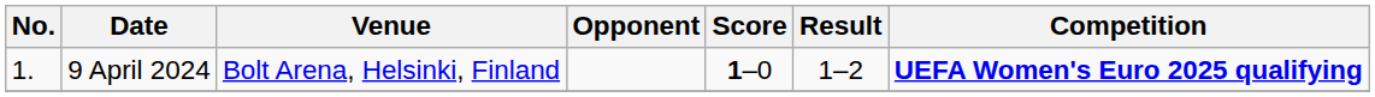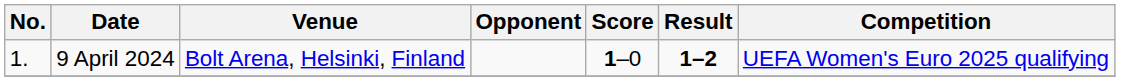 <table class="wikitable">
 <tr>
 <th>No.</th>
 <th>Date</th>
 <th>Venue</th>
 <th>Opponent</th>
 <th>Score</th>
 <th>Result</th>
 <th>Competition</th>
 </tr>
 <tr>
 <td>1.</td>
 <td>9 April 2024</td>
 <td><a href='#'>Bolt Arena</a>, <a href='#'>Helsinki</a>, <a href='#'>Finland</a></td>
 <td></td>
 <td align=center><strong>1</strong>–0</td>
-<td align=center>1–2</td>
-<td><strong><a href='#'>UEFA Women's Euro 2025 qualifying</a></strong></td>
+<td align=center><strong>1–2</strong></td>
+<td><a href='#'>UEFA Women's Euro 2025 qualifying</a></td>
 </tr>
 <tr>
 </tr>
 </table>
